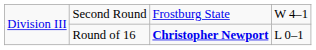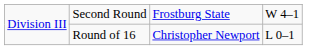 <table class="wikitable">
 <tr>
 <td rowspan="5"><a href='#'>Division III</a></td>
 <td>Second Round</td>
 <td><a href='#'>Frostburg State</a></td>
 <td>W 4–1</td>
 </tr>
 <tr>
 <td>Round of 16</td>
-<td><strong><a href='#'>Christopher Newport</a></strong></td>
+<td><a href='#'>Christopher Newport</a></td>
 <td>L 0–1</td>
 </tr>
 </table>
